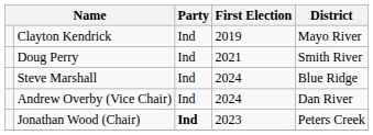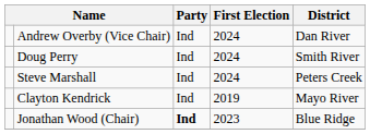 <table class=wikitable>
 <tr>
 <th colspan=2 align=center>Name</th>
 <th valign=bottom>Party</th>
 <th valign=bottom>First Election</th>
 <th valign=bottom>District</th>
+</tr>
+<tr>
+<td style="background-color:"> </td>
+<td>Andrew Overby (Vice Chair)</td>
+<td>Ind</td>
+<td>2024</td>
+<td>Dan River</td>
+</tr>
+<tr>
+<td style="background-color:"> </td>
+<td>Doug Perry</td>
+<td>Ind</td>
+<td>2024</td>
+<td>Smith River</td>
+</tr>
+<tr>
+<td style="background-color:"> </td>
+<td>Steve Marshall</td>
+<td>Ind</td>
+<td>2024</td>
+<td>Peters Creek</td>
 </tr>
 <tr>
 <td style="background-color:"> </td>
 <td>Clayton Kendrick</td>
 <td>Ind</td>
 <td>2019</td>
 <td>Mayo River</td>
 </tr>
 <tr>
 <td style="background-color:"> </td>
-<td>Doug Perry</td>
-<td>Ind</td>
-<td>2021</td>
-<td>Smith River</td>
-</tr>
-<tr>
-<td style="background-color:"> </td>
-<td>Steve Marshall</td>
-<td>Ind</td>
-<td>2024</td>
-<td>Blue Ridge</td>
-</tr>
-<tr>
-<td style="background-color:"> </td>
-<td>Andrew Overby (Vice Chair)</td>
-<td>Ind</td>
-<td>2024</td>
-<td>Dan River</td>
-</tr>
-<tr>
-<td style="background-color:"> </td>
 <td>Jonathan Wood (Chair)</td>
 <td><strong>Ind</strong></td>
 <td>2023</td>
-<td>Peters Creek</td>
+<td>Blue Ridge</td>
 </tr>
 <tr>
 </tr>
 </table>
